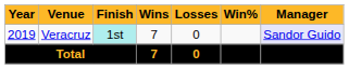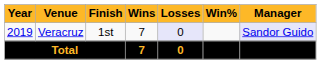 <table class="wikitable sortable plainrowheaders" style="text-align:center;">
 <tr>
 <th scope="col" style="background-color:#FDB827; color:#000000;">Year</th>
 <th scope="col" style="background-color:#FDB827; color:#000000;">Venue</th>
 <th scope="col" style="background-color:#FDB827; color:#000000;">Finish</th>
 <th scope="col" style="background-color:#FDB827; color:#000000;">Wins</th>
 <th scope="col" style="background-color:#FDB827; color:#000000;">Losses</th>
 <th scope="col" style="background-color:#FDB827; color:#000000;">Win%</th>
 <th scope="col" style="background-color:#FDB827; color:#000000;">Manager</th>
 </tr>
 <tr>
 <td><a href='#'>2019</a></td>
 <td align=left> <a href='#'>Veracruz</a></td>
-<td style="background: paleturquoise;">1st</td>
+<td>1st</td>
 <td>7</td>
-<td>0</td>
+<td style="background: lavender;">0</td>
 <td></td>
 <td align=left style="background: lavender;"> <a href='#'>Sandor Guido</a></td>
 </tr>
 <tr style="text-align:center; background-color:#000000; color:#FDB827;">
 <td colspan="3"><strong>Total</strong></td>
 <td><strong>7</strong></td>
 <td><strong>0</strong></td>
 <td><strong></strong></td>
 <td></td>
 </tr>
 </table>
